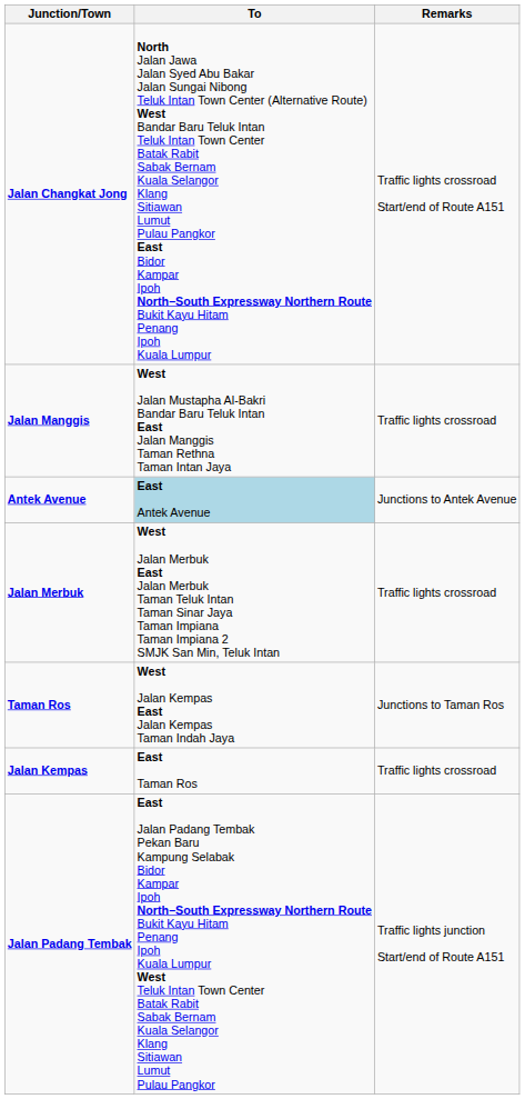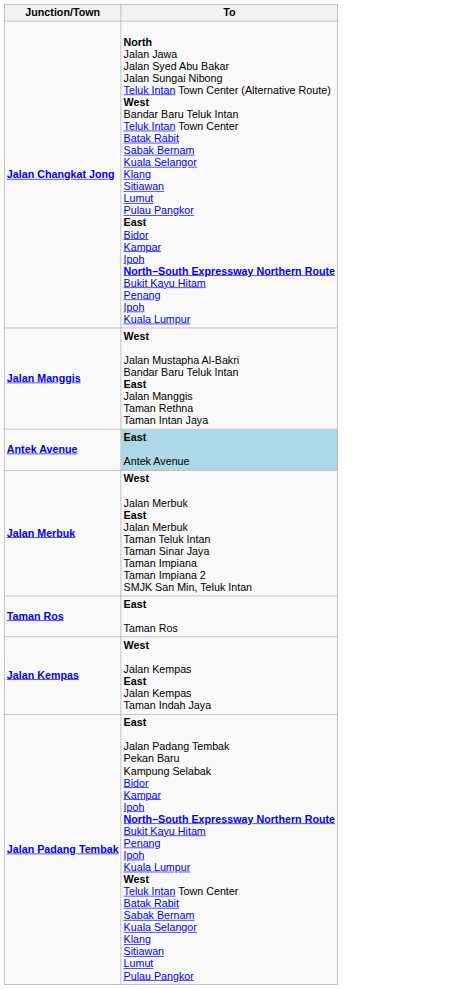 <table class="wikitable">
 <tr>
 <th>Junction/Town</th>
 <th>To</th>
-<th>Remarks</th>
 </tr>
 <tr>
 <td><strong><a href='#'>Jalan Changkat Jong</a></strong></td>
 <td><br><strong>North</strong><br> Jalan Jawa<br> Jalan Syed Abu Bakar<br> Jalan Sungai Nibong<br> <a href='#'>Teluk Intan</a> Town Center (Alternative Route)<br><strong>West</strong><br> Bandar Baru Teluk Intan<br> <a href='#'>Teluk Intan</a> Town Center<br> <a href='#'>Batak Rabit</a><br> <a href='#'>Sabak Bernam</a><br> <a href='#'>Kuala Selangor</a><br> <a href='#'>Klang</a><br> <a href='#'>Sitiawan</a><br> <a href='#'>Lumut</a><br> <a href='#'>Pulau Pangkor</a><br><strong>East</strong><br> <a href='#'>Bidor</a><br> <a href='#'>Kampar</a><br> <a href='#'>Ipoh</a><br>   <strong><a href='#'>North–South Expressway Northern Route</a></strong><br> <a href='#'>Bukit Kayu Hitam</a><br> <a href='#'>Penang</a><br> <a href='#'>Ipoh</a><br> <a href='#'>Kuala Lumpur</a></td>
-<td>Traffic lights crossroad<br><br>Start/end of Route A151</td>
 </tr>
 <tr>
 <td><strong><a href='#'>Jalan Manggis</a></strong></td>
 <td><strong>West</strong><br><br>Jalan Mustapha Al-Bakri<br> Bandar Baru Teluk Intan<br><strong>East</strong><br> Jalan Manggis<br> Taman Rethna<br> Taman Intan Jaya</td>
-<td>Traffic lights crossroad</td>
 </tr>
 <tr>
 <td><strong><a href='#'>Antek Avenue</a></strong></td>
 <td style="background: lightblue;"><strong>East</strong><br><br>Antek Avenue</td>
-<td>Junctions to Antek Avenue</td>
 </tr>
 <tr>
 <td><strong><a href='#'>Jalan Merbuk</a></strong></td>
 <td><strong>West</strong><br><br>Jalan Merbuk<br><strong>East</strong><br> Jalan Merbuk<br> Taman Teluk Intan<br> Taman Sinar Jaya<br> Taman Impiana<br> Taman Impiana 2<br> SMJK San Min, Teluk Intan</td>
-<td>Traffic lights crossroad</td>
 </tr>
 <tr>
 <td><strong><a href='#'>Taman Ros</a></strong></td>
-<td><strong>West</strong><br><br>Jalan Kempas<br><strong>East</strong><br> Jalan Kempas<br> Taman Indah Jaya</td>
-<td>Junctions to Taman Ros</td>
+<td><strong>East</strong><br><br>Taman Ros</td>
 </tr>
 <tr>
 <td><strong><a href='#'>Jalan Kempas</a></strong></td>
-<td><strong>East</strong><br><br>Taman Ros</td>
-<td>Traffic lights crossroad</td>
+<td><strong>West</strong><br><br>Jalan Kempas<br><strong>East</strong><br> Jalan Kempas<br> Taman Indah Jaya</td>
 </tr>
 <tr>
 <td><strong><a href='#'>Jalan Padang Tembak</a></strong></td>
 <td><strong>East</strong><br><br>Jalan Padang Tembak<br> Pekan Baru<br> Kampung Selabak<br> <a href='#'>Bidor</a><br> <a href='#'>Kampar</a><br> <a href='#'>Ipoh</a><br>   <strong><a href='#'>North–South Expressway Northern Route</a></strong><br> <a href='#'>Bukit Kayu Hitam</a><br> <a href='#'>Penang</a><br> <a href='#'>Ipoh</a><br> <a href='#'>Kuala Lumpur</a><br><strong>West</strong><br> <a href='#'>Teluk Intan</a> Town Center<br> <a href='#'>Batak Rabit</a><br> <a href='#'>Sabak Bernam</a><br> <a href='#'>Kuala Selangor</a><br> <a href='#'>Klang</a><br> <a href='#'>Sitiawan</a><br> <a href='#'>Lumut</a><br> <a href='#'>Pulau Pangkor</a></td>
-<td>Traffic lights junction<br><br>Start/end of Route A151</td>
 </tr>
 </table>
